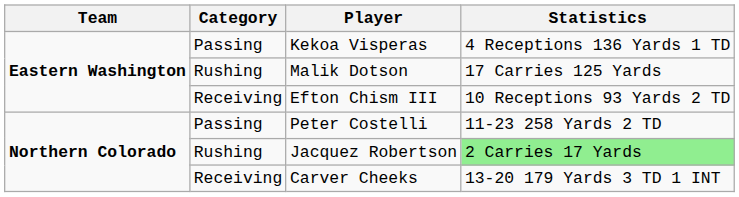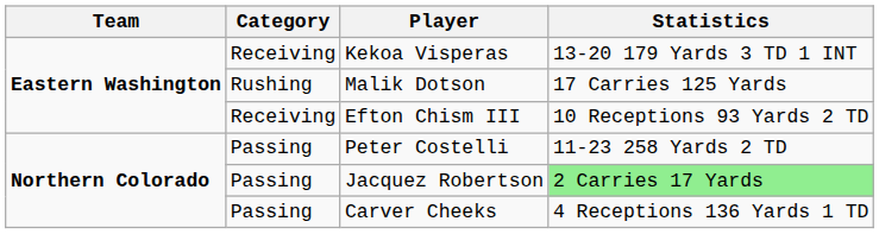 <table class="wikitable" style="float: right;">
 <tr>
 <th>Team</th>
 <th>Category</th>
 <th>Player</th>
 <th>Statistics</th>
 </tr>
 <tr>
 <td rowspan=3><strong>Eastern Washington</strong></td>
-<td>Passing</td>
+<td>Receiving</td>
 <td>Kekoa Visperas</td>
-<td>4 Receptions 136 Yards 1 TD</td>
+<td>13-20 179 Yards 3 TD 1 INT</td>
 </tr>
 <tr>
 <td>Rushing</td>
 <td>Malik Dotson</td>
 <td>17 Carries 125 Yards</td>
 </tr>
 <tr>
 <td>Receiving</td>
 <td>Efton Chism III</td>
 <td>10 Receptions 93 Yards 2 TD</td>
 </tr>
 <tr>
 <td rowspan=3><strong>Northern Colorado</strong></td>
 <td>Passing</td>
 <td>Peter Costelli</td>
 <td>11-23 258 Yards 2 TD</td>
 </tr>
 <tr>
-<td>Rushing</td>
+<td>Passing</td>
 <td>Jacquez Robertson</td>
 <td style="background: lightgreen;">2 Carries 17 Yards</td>
 </tr>
 <tr>
-<td>Receiving</td>
+<td>Passing</td>
 <td>Carver Cheeks</td>
-<td>13-20 179 Yards 3 TD 1 INT</td>
+<td>4 Receptions 136 Yards 1 TD</td>
 </tr>
 </table>
